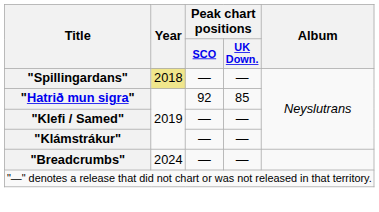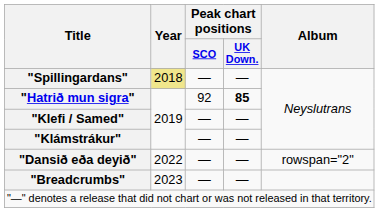 <table class="wikitable plainrowheaders" style="text-align:center;">
 <tr>
 <th scope="col" rowspan="2" style="width:11em;">Title</th>
 <th scope="col" rowspan="2" style="width:1em;">Year</th>
 <th scope="col" colspan="2">Peak chart positions</th>
 <th scope="col" rowspan="2">Album</th>
 </tr>
 <tr>
 <th scope="col" style="width:3em;font-size:85%;"><a href='#'>SCO</a><br></th>
 <th scope="col" style="width:3em;font-size:85%;"><a href='#'>UK<br>Down.</a><br></th>
 </tr>
 <tr>
 <th scope="row">"Spillingardans"</th>
 <td style="background: khaki;">2018</td>
 <td>—</td>
 <td>—</td>
 <td rowspan="4"><em>Neyslutrans</em></td>
 </tr>
 <tr>
 <th scope="row">"<a href='#'>Hatrið mun sigra</a>"</th>
 <td rowspan="3">2019</td>
 <td>92</td>
-<td>85</td>
+<td><strong>85</strong></td>
 </tr>
 <tr>
 <th scope="row">"Klefi / Samed"<br></th>
 <td>—</td>
 <td>—</td>
 </tr>
 <tr>
 <th scope="row">"Klámstrákur"</th>
 <td>—</td>
 <td>—</td>
 </tr>
 <tr>
+<th scope="row">"Dansið eða deyið"</th>
+<td rowspan="1">2022</td>
+<td>—</td>
+<td>—</td>
+<td>rowspan="2" </td>
+</tr>
+<tr>
 <th scope="row">"Breadcrumbs"</th>
-<td rowspan="1">2024</td>
+<td rowspan="1">2023</td>
 <td>—</td>
 <td>—</td>
 </tr>
 <tr>
 <td colspan="5" style="font-size:85%">"—" denotes a release that did not chart or was not released in that territory.</td>
 </tr>
 </table>
